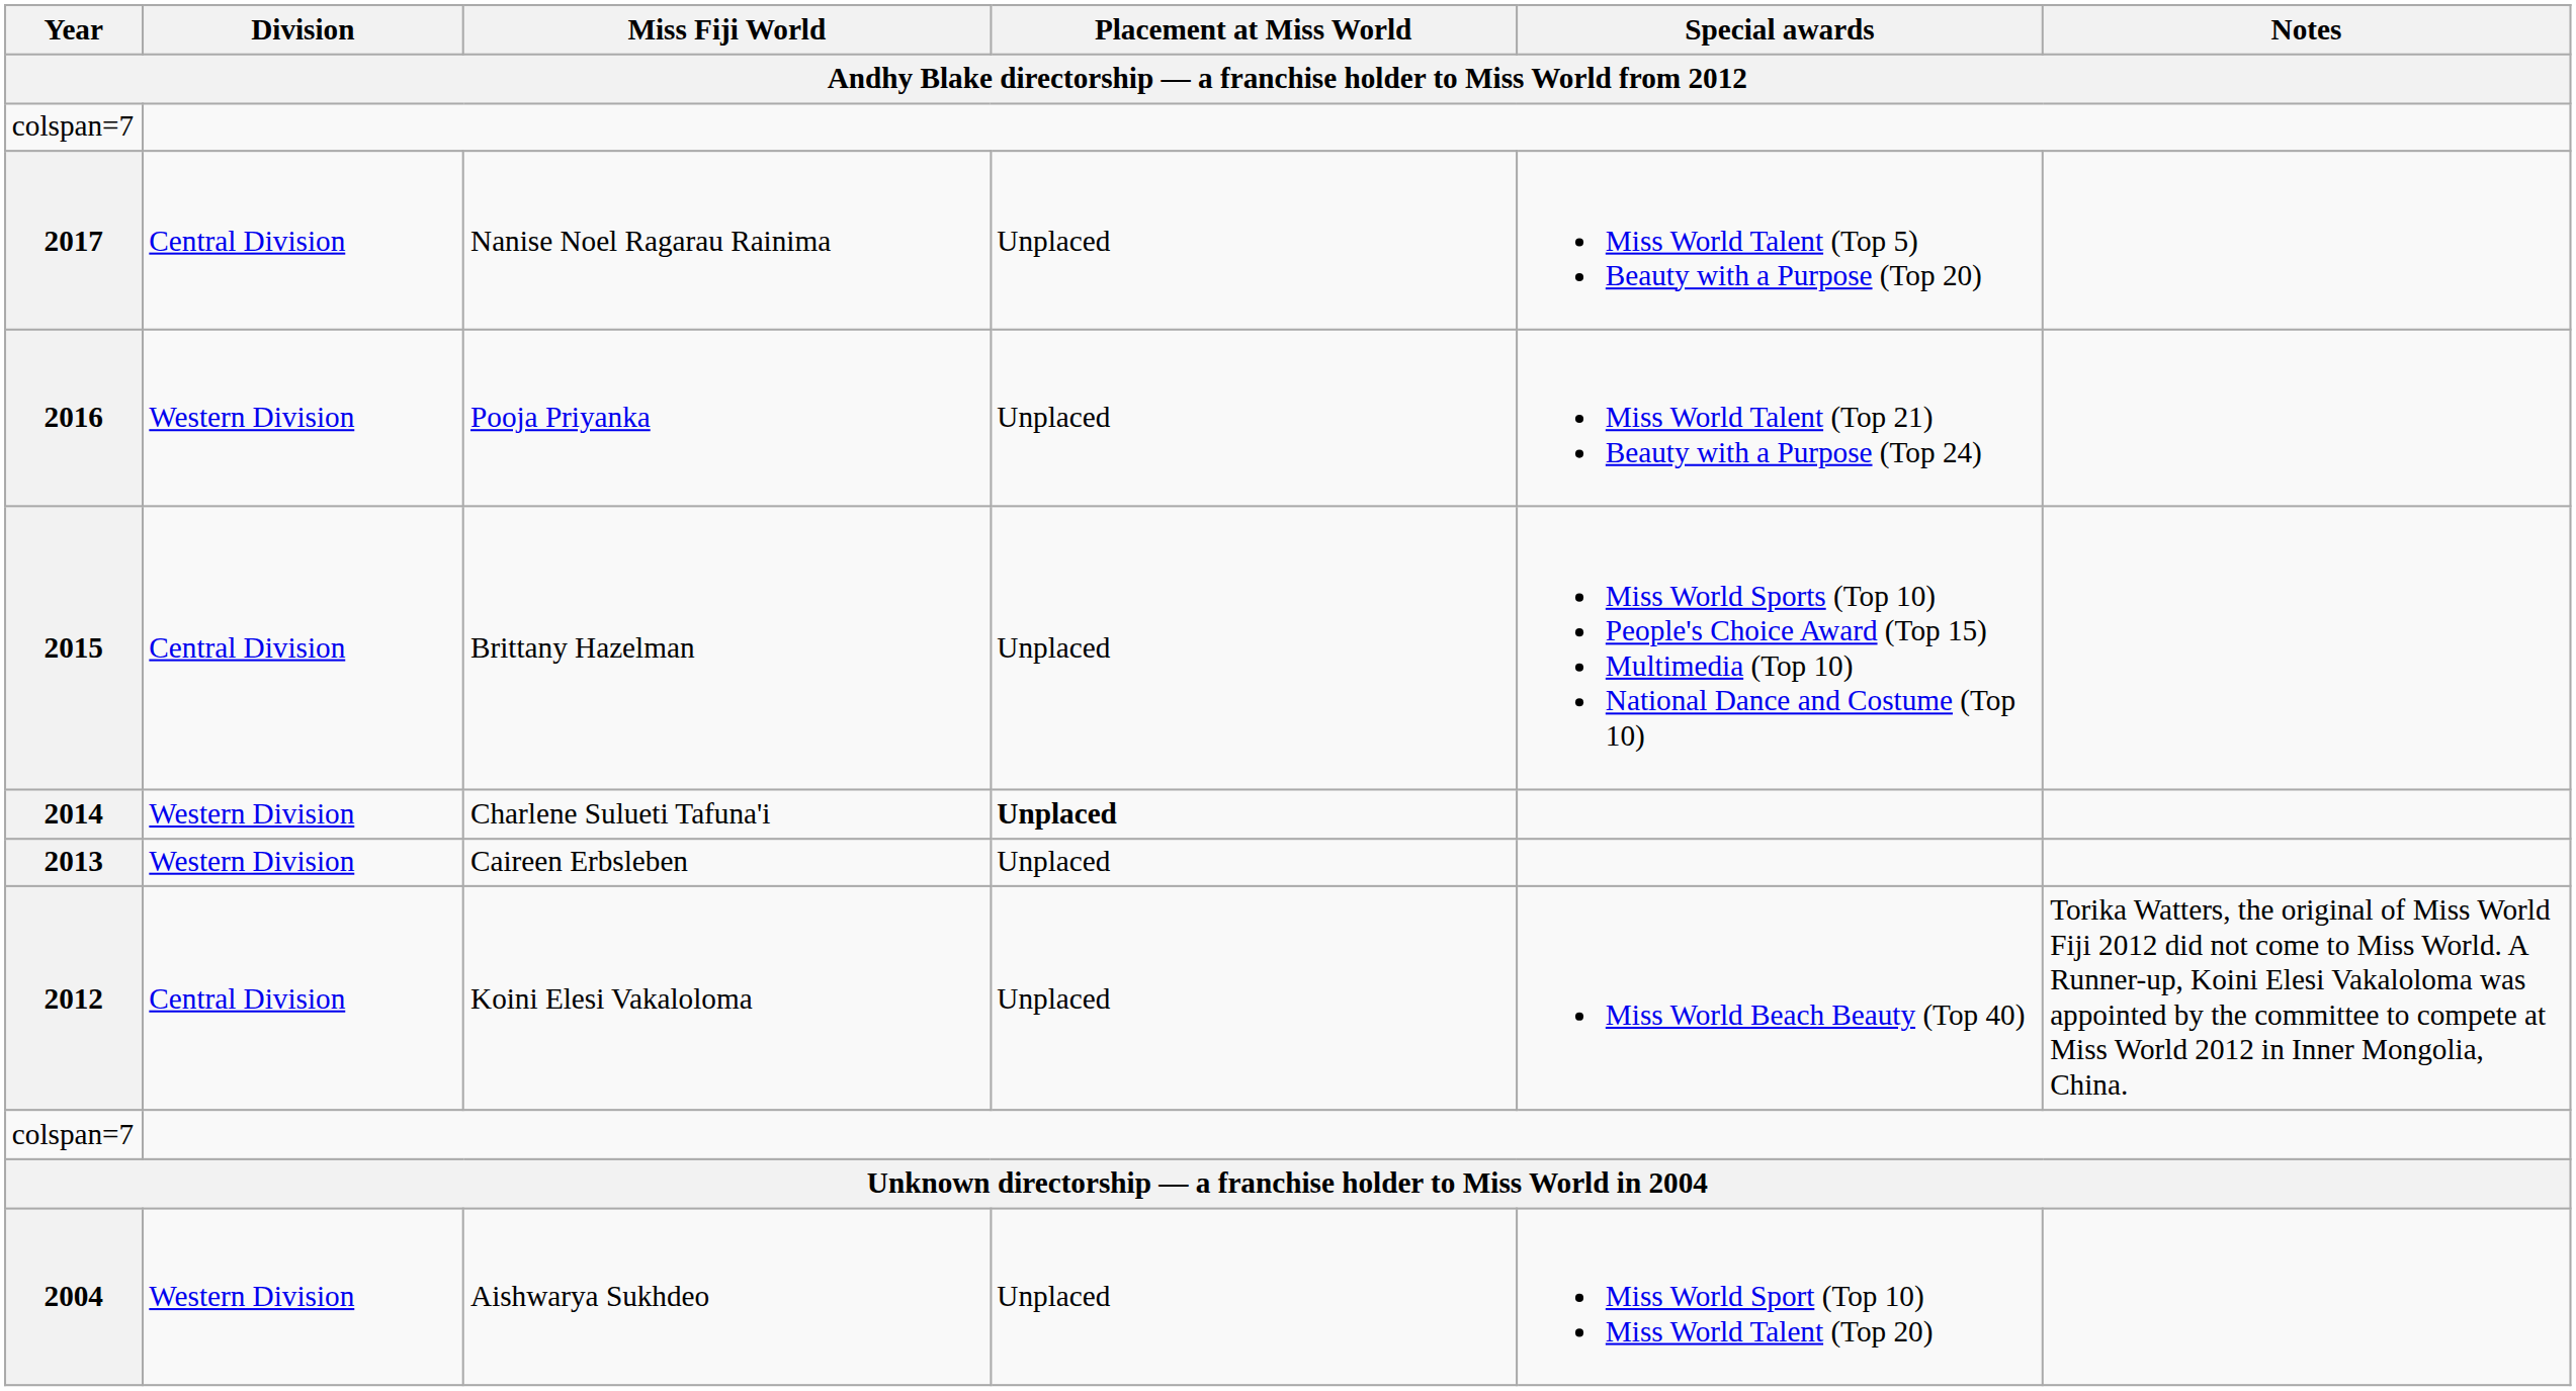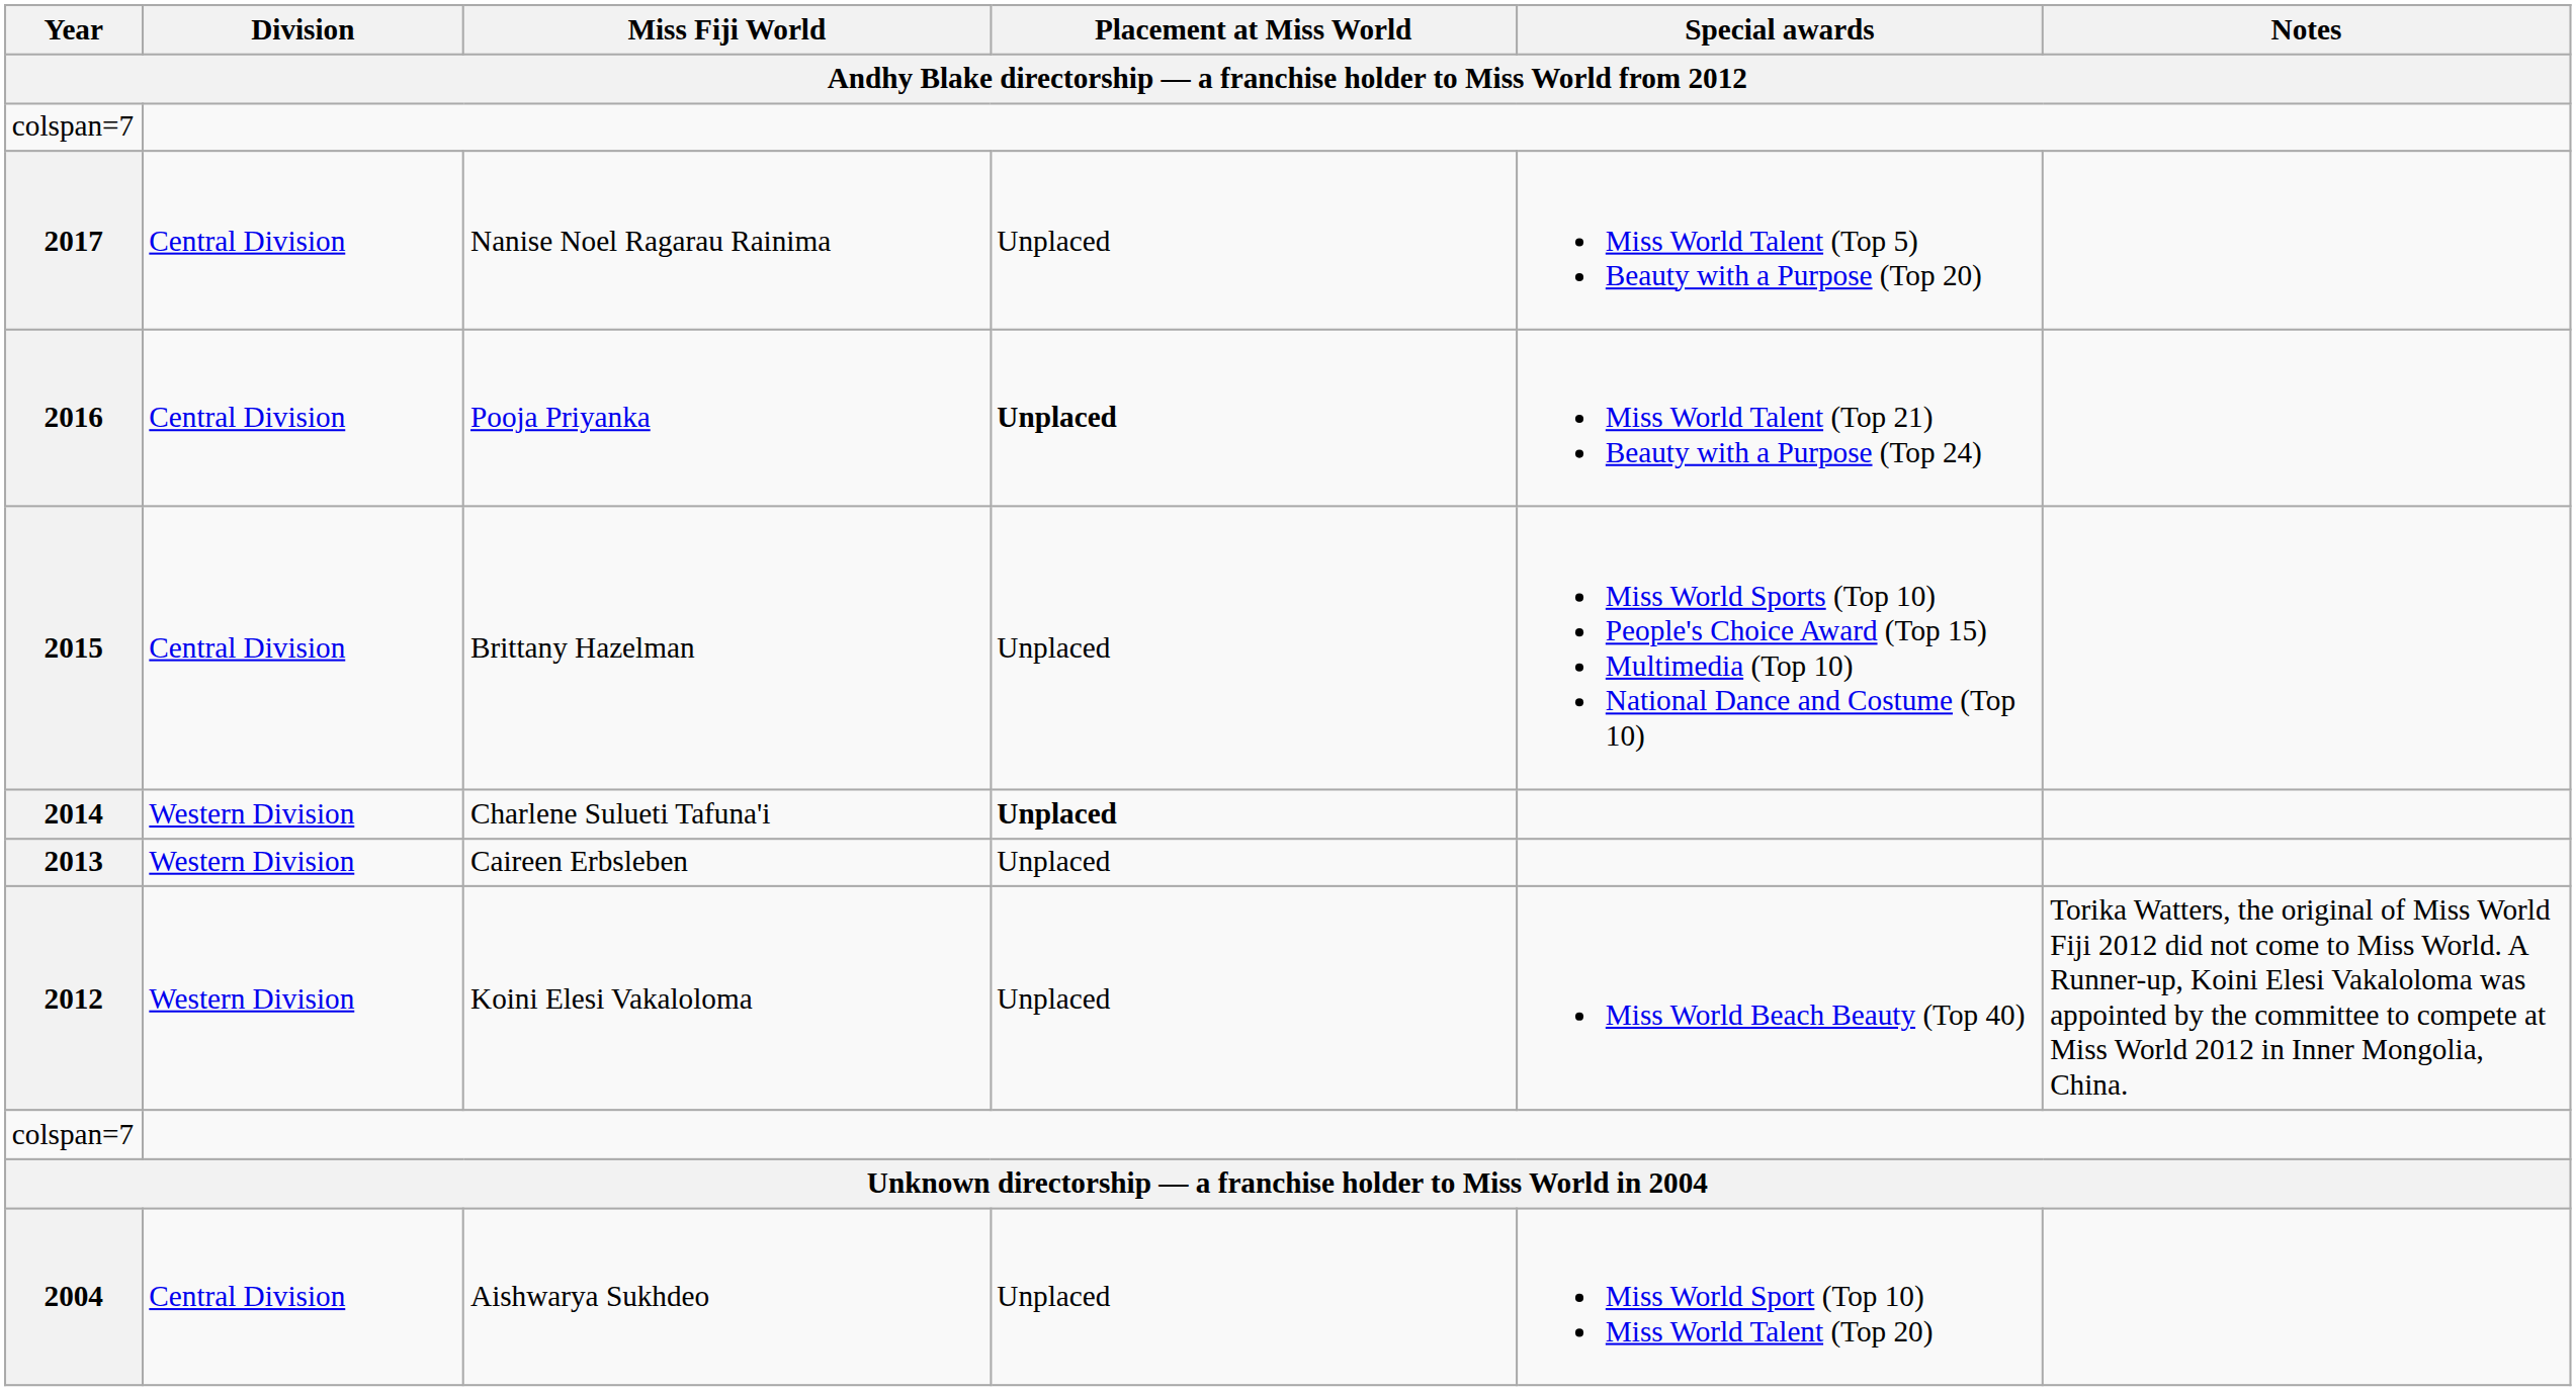 <table class="wikitable " style="font-size: 90%;">
 <tr>
 <th width="60">Year</th>
 <th width="150">Division</th>
 <th width="250">Miss Fiji World</th>
 <th width="250">Placement at Miss World</th>
 <th width="250">Special awards</th>
 <th width="250">Notes</th>
 </tr>
 <tr>
 <th colspan="6">Andhy Blake directorship — a franchise holder to Miss World from 2012</th>
 </tr>
 <tr>
 <td>colspan=7 </td>
 </tr>
 <tr>
 <th>2017</th>
 <td><a href='#'>Central Division</a></td>
 <td>Nanise Noel Ragarau Rainima</td>
 <td>Unplaced</td>
 <td align="left"><br><ul><li><a href='#'>Miss World Talent</a> (Top 5)</li><li><a href='#'>Beauty with a Purpose</a> (Top 20)</li></ul></td>
 <td></td>
 </tr>
 <tr>
 <th>2016</th>
-<td><a href='#'>Western Division</a></td>
+<td><a href='#'>Central Division</a></td>
 <td><a href='#'>Pooja Priyanka</a></td>
-<td>Unplaced</td>
+<td><strong>Unplaced</strong></td>
 <td align="left"><br><ul><li><a href='#'>Miss World Talent</a> (Top 21)</li><li><a href='#'>Beauty with a Purpose</a> (Top 24)</li></ul></td>
 <td></td>
 </tr>
 <tr>
 <th>2015</th>
 <td><a href='#'>Central Division</a></td>
 <td>Brittany Hazelman</td>
 <td>Unplaced</td>
 <td align="left"><br><ul><li><a href='#'>Miss World Sports</a> (Top 10)</li><li><a href='#'>People's Choice Award</a> (Top 15)</li><li><a href='#'>Multimedia</a> (Top 10)</li><li><a href='#'>National Dance and Costume</a> (Top 10)</li></ul></td>
 <td></td>
 </tr>
 <tr>
 <th>2014</th>
 <td><a href='#'>Western Division</a></td>
 <td>Charlene Sulueti Tafuna'i</td>
 <td><strong>Unplaced</strong></td>
 <td></td>
 <td></td>
 </tr>
 <tr>
 <th>2013</th>
 <td><a href='#'>Western Division</a></td>
 <td>Caireen Erbsleben</td>
 <td>Unplaced</td>
 <td></td>
 <td></td>
 </tr>
 <tr>
 <th>2012</th>
-<td><a href='#'>Central Division</a></td>
+<td><a href='#'>Western Division</a></td>
 <td>Koini Elesi Vakaloloma</td>
 <td>Unplaced</td>
 <td align="left"><br><ul><li><a href='#'>Miss World Beach Beauty</a> (Top 40)</li></ul></td>
 <td>Torika Watters, the original of Miss World Fiji 2012 did not come to Miss World. A Runner-up, Koini Elesi Vakaloloma was appointed by the committee to compete at Miss World 2012 in Inner Mongolia, China.</td>
 </tr>
 <tr>
 <td>colspan=7 </td>
 </tr>
 <tr>
 <th colspan="6">Unknown directorship — a franchise holder to Miss World in 2004</th>
 </tr>
 <tr>
 <th>2004</th>
-<td><a href='#'>Western Division</a></td>
+<td><a href='#'>Central Division</a></td>
 <td>Aishwarya Sukhdeo</td>
 <td>Unplaced</td>
 <td align="left"><br><ul><li><a href='#'>Miss World Sport</a> (Top 10)</li><li><a href='#'>Miss World Talent</a> (Top 20)</li></ul></td>
 <td></td>
 </tr>
 </table>
